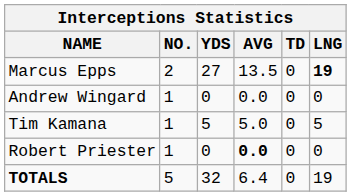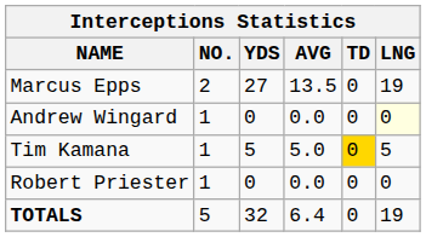 <table class="wikitable sortable collapsible collapsed">
 <tr>
 <th colspan="16">Interceptions Statistics</th>
 </tr>
 <tr>
 <th>NAME</th>
 <th>NO.</th>
 <th>YDS</th>
 <th>AVG</th>
 <th>TD</th>
 <th>LNG</th>
 </tr>
 <tr>
 <td>Marcus Epps</td>
 <td>2</td>
 <td>27</td>
 <td>13.5</td>
 <td>0</td>
-<td><strong>19</strong></td>
+<td>19</td>
 </tr>
 <tr>
 <td>Andrew Wingard</td>
 <td>1</td>
 <td>0</td>
 <td>0.0</td>
 <td>0</td>
-<td>0</td>
+<td style="background: lightyellow;">0</td>
 </tr>
 <tr>
 <td>Tim Kamana</td>
 <td>1</td>
 <td>5</td>
 <td>5.0</td>
-<td>0</td>
+<td style="background: gold;">0</td>
 <td>5</td>
 </tr>
 <tr>
 <td>Robert Priester</td>
 <td>1</td>
 <td>0</td>
-<td><strong>0.0</strong></td>
+<td>0.0</td>
 <td>0</td>
 <td>0</td>
 </tr>
 <tr>
 <td><strong>TOTALS</strong></td>
 <td>5</td>
 <td>32</td>
 <td>6.4</td>
 <td>0</td>
 <td>19</td>
 </tr>
 </table>
